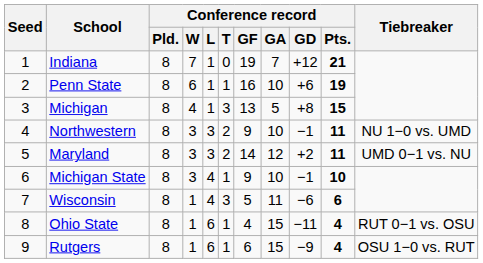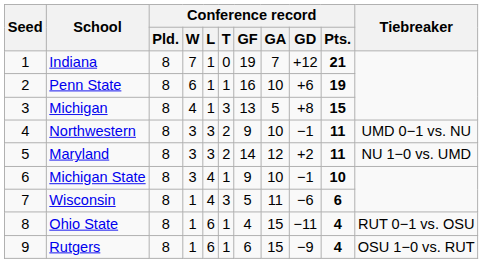 <table class="wikitable">
 <tr>
 <th rowspan="2">Seed</th>
 <th rowspan="2">School</th>
 <th colspan="8">Conference record</th>
 <th rowspan="2">Tiebreaker</th>
 </tr>
 <tr>
 <th>Pld.</th>
 <th>W</th>
 <th>L</th>
 <th>T</th>
 <th>GF</th>
 <th>GA</th>
 <th>GD</th>
 <th>Pts.</th>
 </tr>
 <tr>
 <td align=center>1</td>
 <td><a href='#'>Indiana</a></td>
 <td align=center>8</td>
 <td align=center>7</td>
 <td align=center>1</td>
 <td align=center>0</td>
 <td align=center>19</td>
 <td align=center>7</td>
 <td align=center>+12</td>
 <td align=center><strong>21</strong></td>
 <td rowspan="3" align="center"></td>
 </tr>
 <tr>
 <td align="center">2</td>
 <td><a href='#'>Penn State</a></td>
 <td align="center">8</td>
 <td align="center">6</td>
 <td align="center">1</td>
 <td align="center">1</td>
 <td align="center">16</td>
 <td align="center">10</td>
 <td align="center">+6</td>
 <td align="center"><strong>19</strong></td>
 </tr>
 <tr>
 <td align=center>3</td>
 <td><a href='#'>Michigan</a></td>
 <td align=center>8</td>
 <td align=center>4</td>
 <td align=center>1</td>
 <td align=center>3</td>
 <td align=center>13</td>
 <td align=center>5</td>
 <td align=center>+8</td>
 <td align=center><strong>15</strong></td>
 </tr>
 <tr>
 <td align="center">4</td>
 <td><a href='#'>Northwestern</a></td>
 <td align="center">8</td>
 <td align="center">3</td>
 <td align="center">3</td>
 <td align="center">2</td>
 <td align="center">9</td>
 <td align="center">10</td>
 <td align="center">−1</td>
 <td align="center"><strong>11</strong></td>
-<td align="center">NU 1−0 vs. UMD</td>
+<td align="center">UMD 0−1 vs. NU</td>
 </tr>
 <tr>
 <td align="center">5</td>
 <td><a href='#'>Maryland</a></td>
 <td align="center">8</td>
 <td align="center">3</td>
 <td align="center">3</td>
 <td align="center">2</td>
 <td align="center">14</td>
 <td align="center">12</td>
 <td align="center">+2</td>
 <td align="center"><strong>11</strong></td>
-<td align="center">UMD 0−1 vs. NU</td>
+<td align="center">NU 1−0 vs. UMD</td>
 </tr>
 <tr>
 <td align="center">6</td>
 <td><a href='#'>Michigan State</a></td>
 <td align="center">8</td>
 <td align="center">3</td>
 <td align="center">4</td>
 <td align="center">1</td>
 <td align="center">9</td>
 <td align="center">10</td>
 <td align="center">−1</td>
 <td align="center"><strong>10</strong></td>
 <td rowspan="2" align="center"></td>
 </tr>
 <tr>
 <td align="center">7</td>
 <td><a href='#'>Wisconsin</a></td>
 <td align="center">8</td>
 <td align="center">1</td>
 <td align="center">4</td>
 <td align="center">3</td>
 <td align="center">5</td>
 <td align="center">11</td>
 <td align="center">−6</td>
 <td align="center"><strong>6</strong></td>
 </tr>
 <tr>
 <td align="center">8</td>
 <td><a href='#'>Ohio State</a></td>
 <td align="center">8</td>
 <td align="center">1</td>
 <td align="center">6</td>
 <td align="center">1</td>
 <td align="center">4</td>
 <td align="center">15</td>
 <td align="center">−11</td>
 <td align="center"><strong>4</strong></td>
 <td align="center">RUT 0−1 vs. OSU</td>
 </tr>
 <tr>
 <td align="center">9</td>
 <td><a href='#'>Rutgers</a></td>
 <td align="center">8</td>
 <td align="center">1</td>
 <td align="center">6</td>
 <td align="center">1</td>
 <td align="center">6</td>
 <td align="center">15</td>
 <td align="center">−9</td>
 <td align="center"><strong>4</strong></td>
 <td align="center">OSU 1−0 vs. RUT</td>
 </tr>
 </table>
